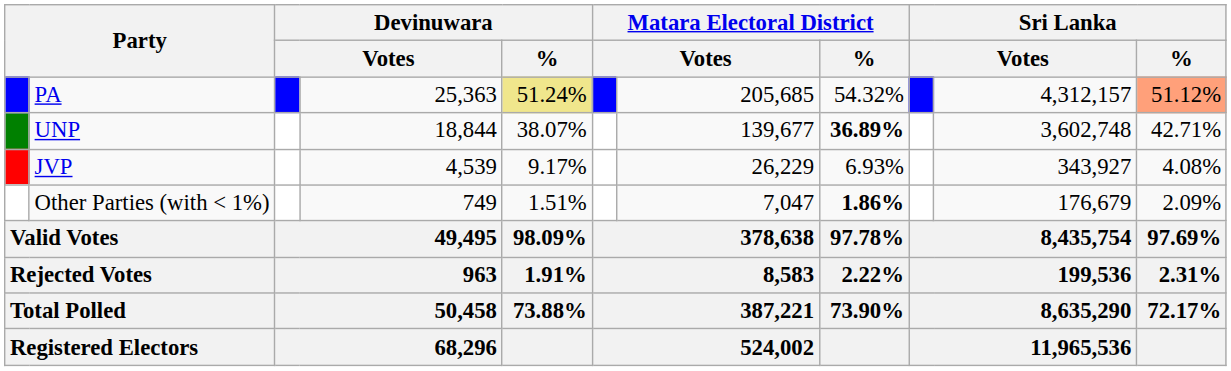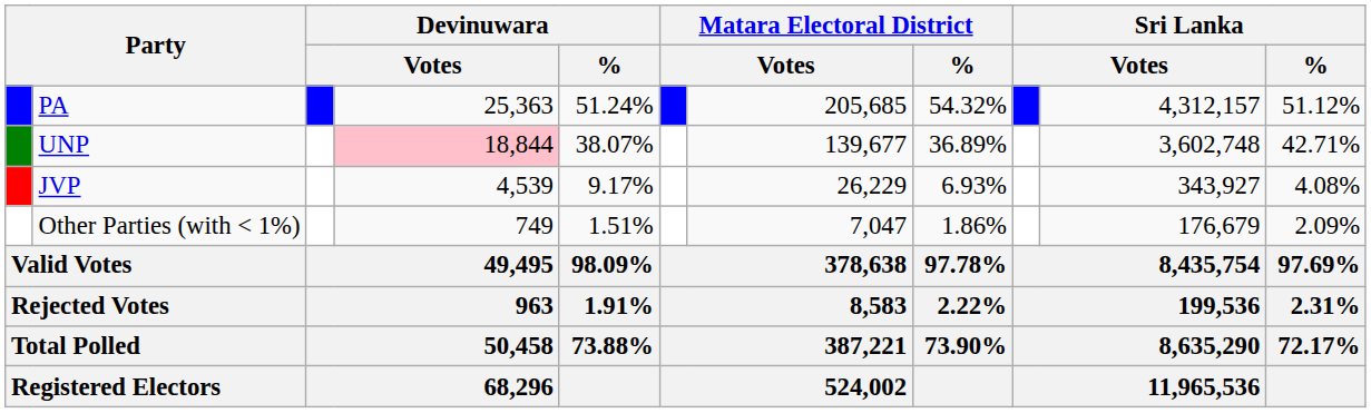 <table class="wikitable">
 <tr>
 <th colspan="2" width="144px"rowspan="2">Party</th>
 <th colspan="3" width="216px">Devinuwara</th>
 <th colspan="3" width="216px"><a href='#'>Matara Electoral District</a></th>
 <th colspan="3" width="216px">Sri Lanka</th>
 </tr>
 <tr>
 <th colspan="2" width="144px">Votes</th>
 <th>%</th>
 <th colspan="2" width="144px">Votes</th>
 <th>%</th>
 <th colspan="2" width="144px">Votes</th>
 <th>%</th>
 </tr>
 <tr>
 <td style="background-color:blue;" width="10px"></td>
 <td style="text-align:left;"><a href='#'>PA</a></td>
 <td style="background-color:blue;" width="10px"></td>
 <td style="text-align:right;">25,363</td>
-<td style="background: khaki; text-align:right;">51.24%</td>
+<td style="text-align:right;">51.24%</td>
 <td style="background-color:blue;" width="10px"></td>
 <td style="text-align:right;">205,685</td>
 <td style="text-align:right;">54.32%</td>
 <td style="background-color:blue;" width="10px"></td>
 <td style="text-align:right;">4,312,157</td>
-<td style="background: lightsalmon; text-align:right;">51.12%</td>
+<td style="text-align:right;">51.12%</td>
 </tr>
 <tr>
 <td style="background-color:green;" width="10px"></td>
 <td style="text-align:left;"><a href='#'>UNP</a></td>
 <td style="background-color:white;" width="10px"></td>
-<td style="text-align:right;">18,844</td>
+<td style="background: pink; text-align:right;">18,844</td>
 <td style="text-align:right;">38.07%</td>
 <td style="background-color:white;" width="10px"></td>
 <td style="text-align:right;">139,677</td>
-<td style="text-align:right;"><strong>36.89%</strong></td>
+<td style="text-align:right;">36.89%</td>
 <td style="background-color:white;" width="10px"></td>
 <td style="text-align:right;">3,602,748</td>
 <td style="text-align:right;">42.71%</td>
 </tr>
 <tr>
 <td style="background-color:red;" width="10px"></td>
 <td style="text-align:left;"><a href='#'>JVP</a></td>
 <td style="background-color:white;" width="10px"></td>
 <td style="text-align:right;">4,539</td>
 <td style="text-align:right;">9.17%</td>
 <td style="background-color:white;" width="10px"></td>
 <td style="text-align:right;">26,229</td>
 <td style="text-align:right;">6.93%</td>
 <td style="background-color:white;" width="10px"></td>
 <td style="text-align:right;">343,927</td>
 <td style="text-align:right;">4.08%</td>
 </tr>
 <tr>
 <td style="background-color:white;" width="10px"></td>
 <td style="text-align:left;">Other Parties (with < 1%)</td>
 <td style="background-color:white;" width="10px"></td>
 <td style="text-align:right;">749</td>
 <td style="text-align:right;">1.51%</td>
 <td style="background-color:white;" width="10px"></td>
 <td style="text-align:right;">7,047</td>
-<td style="text-align:right;"><strong>1.86%</strong></td>
+<td style="text-align:right;">1.86%</td>
 <td style="background-color:white;" width="10px"></td>
 <td style="text-align:right;">176,679</td>
 <td style="text-align:right;">2.09%</td>
 </tr>
 <tr>
 <th colspan="2" width="144px"style="text-align:left;">Valid Votes</th>
 <th style="text-align:right;"colspan="2" width="144px">49,495</th>
 <th style="text-align:right;">98.09%</th>
 <th style="text-align:right;"colspan="2" width="144px">378,638</th>
 <th style="text-align:right;">97.78%</th>
 <th style="text-align:right;"colspan="2" width="144px">8,435,754</th>
 <th style="text-align:right;">97.69%</th>
 </tr>
 <tr>
 <th colspan="2" width="144px"style="text-align:left;">Rejected Votes</th>
 <th style="text-align:right;"colspan="2" width="144px">963</th>
 <th style="text-align:right;">1.91%</th>
 <th style="text-align:right;"colspan="2" width="144px">8,583</th>
 <th style="text-align:right;">2.22%</th>
 <th style="text-align:right;"colspan="2" width="144px">199,536</th>
 <th style="text-align:right;">2.31%</th>
 </tr>
 <tr>
 <th colspan="2" width="144px"style="text-align:left;">Total Polled</th>
 <th style="text-align:right;"colspan="2" width="144px">50,458</th>
 <th style="text-align:right;">73.88%</th>
 <th style="text-align:right;"colspan="2" width="144px">387,221</th>
 <th style="text-align:right;">73.90%</th>
 <th style="text-align:right;"colspan="2" width="144px">8,635,290</th>
 <th style="text-align:right;">72.17%</th>
 </tr>
 <tr>
 <th colspan="2" width="144px"style="text-align:left;">Registered Electors</th>
 <th style="text-align:right;"colspan="2" width="144px">68,296</th>
 <th></th>
 <th style="text-align:right;"colspan="2" width="144px">524,002</th>
 <th></th>
 <th style="text-align:right;"colspan="2" width="144px">11,965,536</th>
 <th></th>
 </tr>
 </table>
